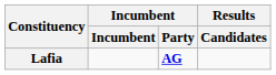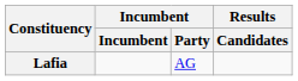 <table class="wikitable sortable">
 <tr>
 <th rowspan="2">Constituency</th>
 <th colspan="2">Incumbent</th>
 <th>Results</th>
 </tr>
 <tr valign="bottom">
 <th>Incumbent</th>
 <th>Party</th>
 <th>Candidates</th>
 </tr>
 <tr>
 <th>Lafia</th>
 <td></td>
-<td><strong><a href='#'>AG</a></strong></td>
+<td><a href='#'>AG</a></td>
 <td nowrap=""></td>
 </tr>
 </table>
